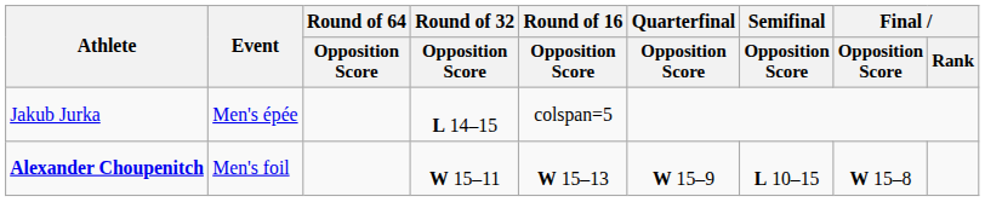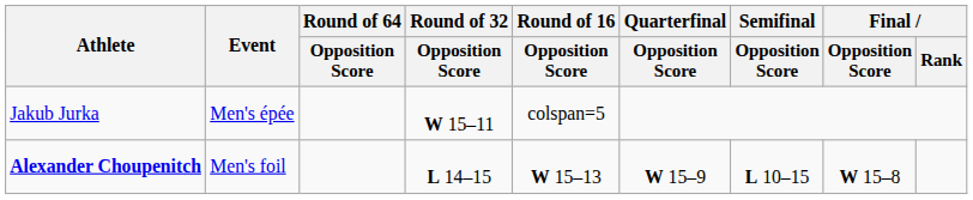 <table class="wikitable" style="font-size:90%">
 <tr>
 <th rowspan="2">Athlete</th>
 <th rowspan="2">Event</th>
 <th>Round of 64</th>
 <th>Round of 32</th>
 <th>Round of 16</th>
 <th>Quarterfinal</th>
 <th>Semifinal</th>
 <th colspan=2>Final / </th>
 </tr>
 <tr style="font-size:95%">
 <th>Opposition <br> Score</th>
 <th>Opposition <br> Score</th>
 <th>Opposition <br> Score</th>
 <th>Opposition <br> Score</th>
 <th>Opposition <br> Score</th>
 <th>Opposition <br> Score</th>
 <th>Rank</th>
 </tr>
 <tr align=center>
 <td align=left><a href='#'>Jakub Jurka</a></td>
 <td align=left><a href='#'>Men's épée</a></td>
 <td></td>
-<td><br><strong>L</strong> 14–15</td>
+<td><br><strong>W</strong> 15–11</td>
 <td>colspan=5 </td>
 </tr>
 <tr align=center>
 <td align=left><strong><a href='#'>Alexander Choupenitch</a></strong></td>
 <td align=left><a href='#'>Men's foil</a></td>
 <td></td>
-<td><br><strong>W</strong> 15–11</td>
+<td><br><strong>L</strong> 14–15</td>
 <td><br><strong>W</strong> 15–13</td>
 <td><br><strong>W</strong> 15–9</td>
 <td><br><strong>L</strong> 10–15</td>
 <td><br><strong>W</strong> 15–8</td>
 <td></td>
 </tr>
 </table>
